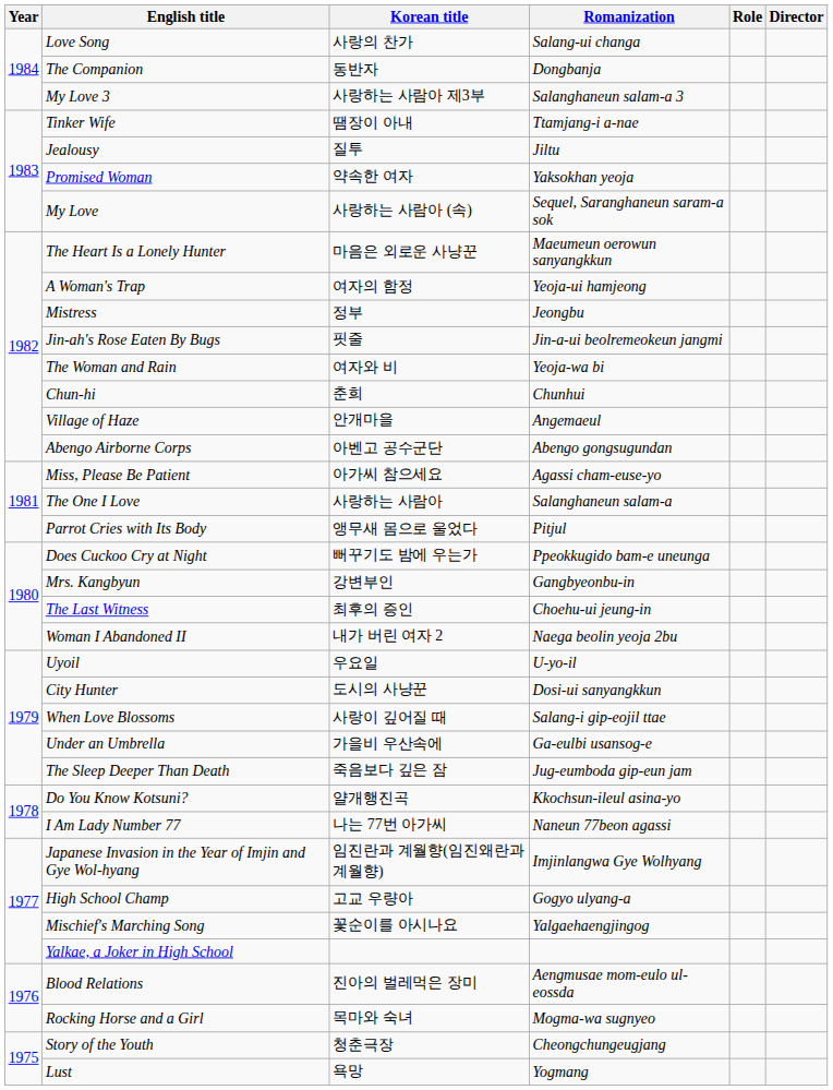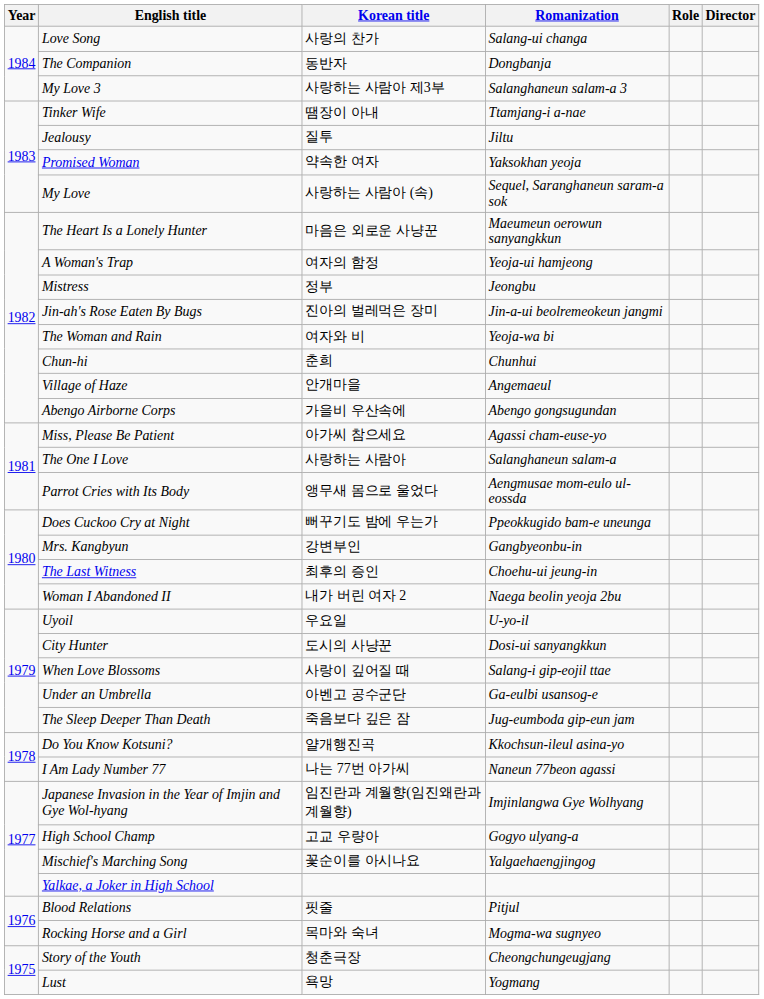 <table class="wikitable">
 <tr>
 <th>Year</th>
 <th>English title</th>
 <th><a href='#'>Korean title</a></th>
 <th><a href='#'>Romanization</a></th>
 <th>Role</th>
 <th>Director</th>
 </tr>
 <tr>
 <td rowspan="3"><a href='#'>1984</a></td>
 <td><em>Love Song</em></td>
 <td>사랑의 찬가</td>
 <td><em>Salang-ui changa</em></td>
 <td></td>
 <td></td>
 </tr>
 <tr>
 <td><em>The Companion</em></td>
 <td>동반자</td>
 <td><em>Dongbanja</em></td>
 <td></td>
 <td></td>
 </tr>
 <tr>
 <td><em>My Love 3</em></td>
 <td>사랑하는 사람아 제3부</td>
 <td><em>Salanghaneun salam-a 3</em></td>
 <td></td>
 <td></td>
 </tr>
 <tr>
 <td rowspan="4"><a href='#'>1983</a></td>
 <td><em>Tinker Wife</em></td>
 <td>땜장이 아내</td>
 <td><em>Ttamjang-i a-nae</em></td>
 <td></td>
 <td></td>
 </tr>
 <tr>
 <td><em>Jealousy</em></td>
 <td>질투</td>
 <td><em>Jiltu</em></td>
 <td></td>
 <td></td>
 </tr>
 <tr>
 <td><em><a href='#'>Promised Woman</a></em></td>
 <td>약속한 여자</td>
 <td><em>Yaksokhan yeoja</em></td>
 <td></td>
 <td></td>
 </tr>
 <tr>
 <td><em>My Love</em></td>
 <td>사랑하는 사람아 (속)</td>
 <td><em>Sequel</em>, <em>Saranghaneun saram-a sok</em></td>
 <td></td>
 <td></td>
 </tr>
 <tr>
 <td rowspan="8"><a href='#'>1982</a></td>
 <td><em>The Heart Is a Lonely Hunter</em></td>
 <td>마음은 외로운 사냥꾼</td>
 <td><em>Maeumeun oerowun sanyangkkun</em></td>
 <td></td>
 <td></td>
 </tr>
 <tr>
 <td><em>A Woman's Trap</em></td>
 <td>여자의 함정</td>
 <td><em>Yeoja-ui hamjeong</em></td>
 <td></td>
 <td></td>
 </tr>
 <tr>
 <td><em>Mistress</em></td>
 <td>정부</td>
 <td><em>Jeongbu</em></td>
 <td></td>
 <td></td>
 </tr>
 <tr>
 <td><em>Jin-ah's Rose Eaten By Bugs</em></td>
-<td>핏줄</td>
+<td>진아의 벌레먹은 장미</td>
 <td><em>Jin-a-ui beolremeokeun jangmi</em></td>
 <td></td>
 <td></td>
 </tr>
 <tr>
 <td><em>The Woman and Rain</em></td>
 <td>여자와 비</td>
 <td><em>Yeoja-wa bi</em></td>
 <td></td>
 <td></td>
 </tr>
 <tr>
 <td><em>Chun-hi</em></td>
 <td>춘희</td>
 <td><em>Chunhui</em></td>
 <td></td>
 <td></td>
 </tr>
 <tr>
 <td><em>Village of Haze</em></td>
 <td>안개마을</td>
 <td><em>Angemaeul</em></td>
 <td></td>
 <td></td>
 </tr>
 <tr>
 <td><em>Abengo Airborne Corps</em></td>
-<td>아벤고 공수군단</td>
+<td>가을비 우산속에</td>
 <td><em>Abengo gongsugundan</em></td>
 <td></td>
 <td></td>
 </tr>
 <tr>
 <td rowspan="3"><a href='#'>1981</a></td>
 <td><em>Miss, Please Be Patient</em></td>
 <td>아가씨 참으세요</td>
 <td><em>Agassi cham-euse-yo</em></td>
 <td></td>
 <td></td>
 </tr>
 <tr>
 <td><em>The One I Love</em></td>
 <td>사랑하는 사람아</td>
 <td><em>Salanghaneun salam-a</em></td>
 <td></td>
 <td></td>
 </tr>
 <tr>
 <td><em>Parrot Cries with Its Body</em></td>
 <td>앵무새 몸으로 울었다</td>
-<td><em>Pitjul</em></td>
+<td><em>Aengmusae mom-eulo ul-eossda</em></td>
 <td></td>
 <td></td>
 </tr>
 <tr>
 <td rowspan="4"><a href='#'>1980</a></td>
 <td><em>Does Cuckoo Cry at Night</em></td>
 <td>뻐꾸기도 밤에 우는가</td>
 <td><em>Ppeokkugido bam-e uneunga</em></td>
 <td></td>
 <td></td>
 </tr>
 <tr>
 <td><em>Mrs. Kangbyun</em></td>
 <td>강변부인</td>
 <td><em>Gangbyeonbu-in</em></td>
 <td></td>
 <td></td>
 </tr>
 <tr>
 <td><em><a href='#'>The Last Witness</a></em></td>
 <td>최후의 증인</td>
 <td><em>Choehu-ui jeung-in</em></td>
 <td></td>
 <td></td>
 </tr>
 <tr>
 <td><em>Woman I Abandoned II</em></td>
 <td>내가 버린 여자 2</td>
 <td><em>Naega beolin yeoja 2bu</em></td>
 <td></td>
 <td></td>
 </tr>
 <tr>
 <td rowspan="5"><a href='#'>1979</a></td>
 <td><em>Uyoil</em></td>
 <td>우요일</td>
 <td><em>U-yo-il</em></td>
 <td></td>
 <td></td>
 </tr>
 <tr>
 <td><em>City Hunter</em></td>
 <td>도시의 사냥꾼</td>
 <td><em>Dosi-ui sanyangkkun</em></td>
 <td></td>
 <td></td>
 </tr>
 <tr>
 <td><em>When Love Blossoms</em></td>
 <td>사랑이 깊어질 때</td>
 <td><em>Salang-i gip-eojil ttae</em></td>
 <td></td>
 <td></td>
 </tr>
 <tr>
 <td><em>Under an Umbrella</em></td>
-<td>가을비 우산속에</td>
+<td>아벤고 공수군단</td>
 <td><em>Ga-eulbi usansog-e</em></td>
 <td></td>
 <td></td>
 </tr>
 <tr>
 <td><em>The Sleep Deeper Than Death</em></td>
 <td>죽음보다 깊은 잠</td>
 <td><em>Jug-eumboda gip-eun jam</em></td>
 <td></td>
 <td></td>
 </tr>
 <tr>
 <td rowspan="2"><a href='#'>1978</a></td>
 <td><em>Do You Know Kotsuni?</em></td>
 <td>얄개행진곡</td>
 <td><em>Kkochsun-ileul asina-yo</em></td>
 <td></td>
 <td></td>
 </tr>
 <tr>
 <td><em>I Am Lady Number 77</em></td>
 <td>나는 77번 아가씨</td>
 <td><em>Naneun 77beon agassi</em></td>
 <td></td>
 <td></td>
 </tr>
 <tr>
 <td rowspan="4"><a href='#'>1977</a></td>
 <td><em>Japanese Invasion in the Year of Imjin and Gye Wol-hyang</em></td>
 <td>임진란과 계월향(임진왜란과 계월향)</td>
 <td><em>Imjinlangwa Gye Wolhyang</em></td>
 <td></td>
 <td></td>
 </tr>
 <tr>
 <td><em>High School Champ</em></td>
 <td>고교 우량아</td>
 <td><em>Gogyo ulyang-a</em></td>
 <td></td>
 <td></td>
 </tr>
 <tr>
 <td><em>Mischief's Marching Song</em></td>
 <td>꽃순이를 아시나요</td>
 <td><em>Yalgaehaengjingog</em></td>
 <td></td>
 <td></td>
 </tr>
 <tr>
 <td><em><a href='#'>Yalkae, a Joker in High School</a></em></td>
 <td></td>
 <td></td>
 <td></td>
 <td></td>
 </tr>
 <tr>
 <td rowspan="2"><a href='#'>1976</a></td>
 <td><em>Blood Relations</em></td>
-<td>진아의 벌레먹은 장미</td>
-<td><em>Aengmusae mom-eulo ul-eossda</em></td>
+<td>핏줄</td>
+<td><em>Pitjul</em></td>
 <td></td>
 <td></td>
 </tr>
 <tr>
 <td><em>Rocking Horse and a Girl</em></td>
 <td>목마와 숙녀</td>
 <td><em>Mogma-wa sugnyeo</em></td>
 <td></td>
 <td></td>
 </tr>
 <tr>
 <td rowspan="2"><a href='#'>1975</a></td>
 <td><em>Story of the Youth</em></td>
 <td>청춘극장</td>
 <td><em>Cheongchungeugjang</em></td>
 <td></td>
 <td></td>
 </tr>
 <tr>
 <td><em>Lust</em></td>
 <td>욕망</td>
 <td><em>Yogmang</em></td>
 <td></td>
 <td></td>
 </tr>
 </table>
